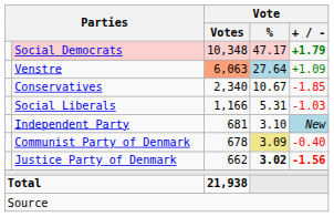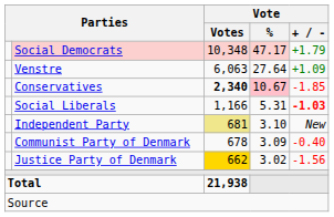 <table class="wikitable" style="text-align:right;">
 <tr>
 <th style="text-align:centre;" rowspan="2" colspan="2" width="225">Parties</th>
 <th colspan="3">Vote</th>
 </tr>
 <tr>
 <th width="15">Votes</th>
 <th width="15">%</th>
 <th width="15">+ / -</th>
 </tr>
 <tr>
 <td width="2" style="color:inherit;background:"></td>
 <td bgcolor=#fbd0ce  align="left"><a href='#'>Social Democrats</a></td>
 <td bgcolor=#fbd0ce>10,348</td>
 <td bgcolor=#fbd0ce>47.17</td>
-<td style=color:green;><strong>+1.79</strong></td>
+<td style=color:green;>+1.79</td>
 </tr>
 <tr>
 <td width="2" style="color:inherit;background:"></td>
 <td align="left"><a href='#'>Venstre</a></td>
-<td style="background: lightsalmon;">6,063</td>
-<td style="background: lightblue;">27.64</td>
+<td>6,063</td>
+<td>27.64</td>
 <td style=color:green;>+1.09</td>
 </tr>
 <tr>
 <td width="2" style="color:inherit;background:"></td>
 <td align="left"><a href='#'>Conservatives</a></td>
-<td>2,340</td>
-<td>10.67</td>
+<td><strong>2,340</strong></td>
+<td style="background: pink;">10.67</td>
 <td style=color:red;>-1.85</td>
 </tr>
 <tr>
 <td width="2" style="color:inherit;background:"></td>
 <td align="left"><a href='#'>Social Liberals</a></td>
 <td>1,166</td>
 <td>5.31</td>
-<td style=color:red;>-1.03</td>
+<td style=color:red;><strong>-1.03</strong></td>
 </tr>
 <tr>
 <td width="2" style="color:inherit;background:"></td>
 <td align="left"><a href='#'>Independent Party</a></td>
-<td>681</td>
+<td style="background: khaki;">681</td>
 <td>3.10</td>
-<td style="background: lightblue;"><em>New</em></td>
+<td><em>New</em></td>
 </tr>
 <tr>
 <td width="2" style="color:inherit;background:"></td>
 <td align="left"><a href='#'>Communist Party of Denmark</a></td>
 <td>678</td>
-<td style="background: khaki;">3.09</td>
+<td>3.09</td>
 <td style=color:red;>-0.40</td>
 </tr>
 <tr>
 <td width="2" style="color:inherit;background:"></td>
 <td align="left"><a href='#'>Justice Party of Denmark</a></td>
-<td>662</td>
-<td><strong>3.02</strong></td>
-<td style=color:red;><strong>-1.56</strong></td>
+<td style="background: gold;">662</td>
+<td>3.02</td>
+<td style=color:red;>-1.56</td>
 </tr>
 <tr>
 <td colspan="7" bgcolor="#E9E9E9"></td>
 </tr>
 <tr>
 <td align="left" colspan="2"><strong>Total</strong></td>
 <td><strong>21,938</strong></td>
 <td bgcolor="#E9E9E9" colspan="2"></td>
 </tr>
 <tr>
 <td align="left" colspan="6">Source</td>
 </tr>
 </table>
